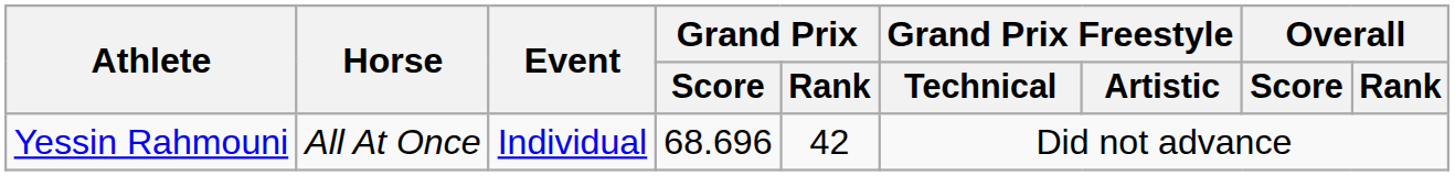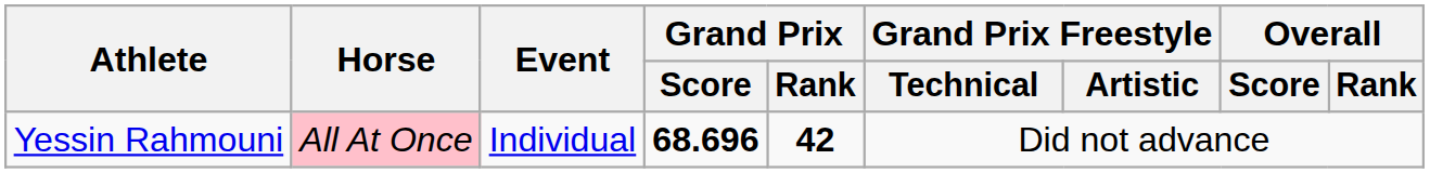 <table class=wikitable style="font-size:90%; text-align:center;">
 <tr>
 <th rowspan=2>Athlete</th>
 <th rowspan=2>Horse</th>
 <th rowspan=2>Event</th>
 <th colspan=2>Grand Prix</th>
 <th colspan=2>Grand Prix Freestyle</th>
 <th colspan=2>Overall</th>
 </tr>
 <tr style=font-size:95%>
 <th>Score</th>
 <th>Rank</th>
 <th>Technical</th>
 <th>Artistic</th>
 <th>Score</th>
 <th>Rank</th>
 </tr>
 <tr>
 <td align=left><a href='#'>Yessin Rahmouni</a></td>
-<td align=left><em>All At Once</em></td>
+<td align=left style="background: pink;"><em>All At Once</em></td>
 <td align=left><a href='#'>Individual</a></td>
-<td>68.696</td>
-<td>42</td>
+<td><strong>68.696</strong></td>
+<td><strong>42</strong></td>
 <td colspan=4>Did not advance</td>
 </tr>
 </table>
